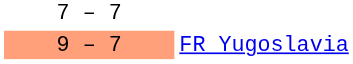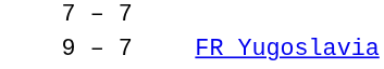 <table style="text-align:center">
 <tr>
 <th width=200></th>
 <th width=100></th>
 <th width=200></th>
 </tr>
 <tr>
 <td align=right><strong></strong></td>
 <td>7 – 7</td>
 <td align=left><strong></strong></td>
 </tr>
 <tr>
 <td align=right><strong></strong></td>
-<td style="background: lightsalmon;">9 – 7</td>
+<td>9 – 7</td>
 <td align=left> <a href='#'>FR Yugoslavia</a></td>
 </tr>
 </table>
